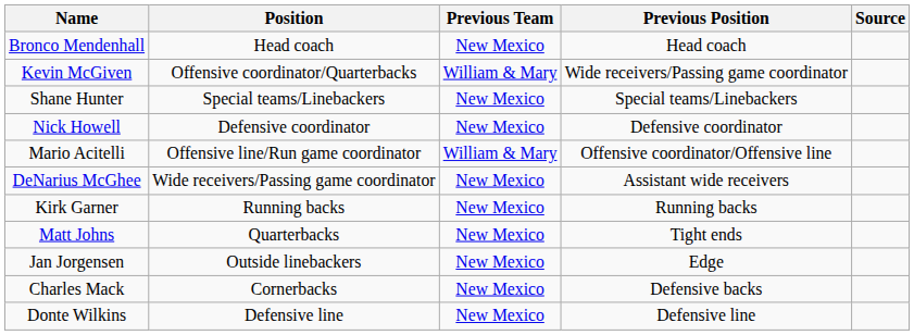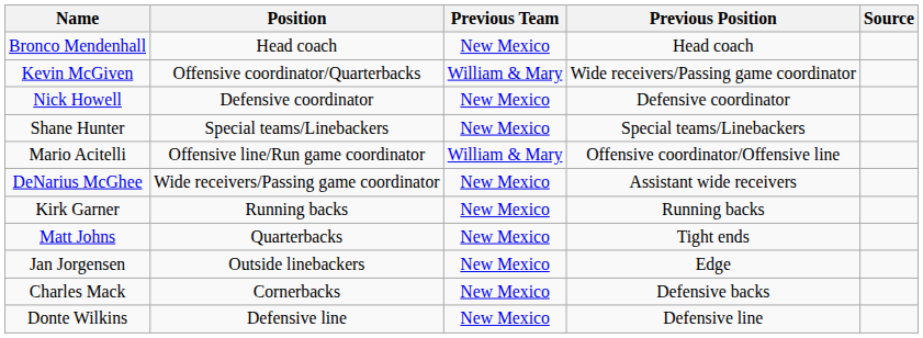 <table class="wikitable">
 <tr>
 <th style="text-align:center; ">Name</th>
 <th style="text-align:center; ">Position</th>
 <th style="text-align:center; ">Previous Team</th>
 <th style="text-align:center; ">Previous Position</th>
 <th style="text-align:center; ">Source</th>
 </tr>
 <tr align="center">
 <td><a href='#'>Bronco Mendenhall</a></td>
 <td>Head coach</td>
 <td><a href='#'>New Mexico</a></td>
 <td>Head coach</td>
 <td></td>
 </tr>
 <tr align="center">
 <td><a href='#'>Kevin McGiven</a></td>
 <td>Offensive coordinator/Quarterbacks</td>
 <td><a href='#'>William & Mary</a></td>
 <td>Wide receivers/Passing game coordinator</td>
 <td></td>
 </tr>
 <tr align="center">
+<td><a href='#'>Nick Howell</a></td>
+<td>Defensive coordinator</td>
+<td><a href='#'>New Mexico</a></td>
+<td>Defensive coordinator</td>
+<td></td>
+</tr>
+<tr align="center">
 <td>Shane Hunter</td>
 <td>Special teams/Linebackers</td>
 <td><a href='#'>New Mexico</a></td>
 <td>Special teams/Linebackers</td>
-<td></td>
-</tr>
-<tr align="center">
-<td><a href='#'>Nick Howell</a></td>
-<td>Defensive coordinator</td>
-<td><a href='#'>New Mexico</a></td>
-<td>Defensive coordinator</td>
 <td></td>
 </tr>
 <tr align="center">
 <td>Mario Acitelli</td>
 <td>Offensive line/Run game coordinator</td>
 <td><a href='#'>William & Mary</a></td>
 <td>Offensive coordinator/Offensive line</td>
 <td></td>
 </tr>
 <tr align="center">
 <td><a href='#'>DeNarius McGhee</a></td>
 <td>Wide receivers/Passing game coordinator</td>
 <td><a href='#'>New Mexico</a></td>
 <td>Assistant wide receivers</td>
 <td></td>
 </tr>
 <tr align="center">
 <td>Kirk Garner</td>
 <td>Running backs</td>
 <td><a href='#'>New Mexico</a></td>
 <td>Running backs</td>
 <td></td>
 </tr>
 <tr align="center">
 <td><a href='#'>Matt Johns</a></td>
 <td>Quarterbacks</td>
 <td><a href='#'>New Mexico</a></td>
 <td>Tight ends</td>
 <td></td>
 </tr>
 <tr align="center">
 <td>Jan Jorgensen</td>
 <td>Outside linebackers</td>
 <td><a href='#'>New Mexico</a></td>
 <td>Edge</td>
 <td></td>
 </tr>
 <tr align="center">
 <td>Charles Mack</td>
 <td>Cornerbacks</td>
 <td><a href='#'>New Mexico</a></td>
 <td>Defensive backs</td>
 <td></td>
 </tr>
 <tr align="center">
 <td>Donte Wilkins</td>
 <td>Defensive line</td>
 <td><a href='#'>New Mexico</a></td>
 <td>Defensive line</td>
 <td></td>
 </tr>
 </table>
